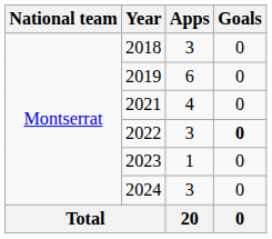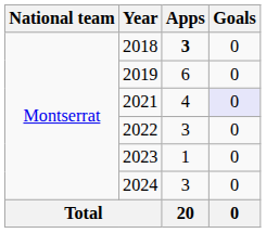 <table class="wikitable" style="text-align: center;">
 <tr>
 <th>National team</th>
 <th>Year</th>
 <th>Apps</th>
 <th>Goals</th>
 </tr>
 <tr>
 <td rowspan="6"><a href='#'>Montserrat</a></td>
 <td>2018</td>
-<td>3</td>
+<td><strong>3</strong></td>
 <td>0</td>
 </tr>
 <tr>
 <td>2019</td>
 <td>6</td>
 <td>0</td>
 </tr>
 <tr>
 <td>2021</td>
 <td>4</td>
-<td>0</td>
+<td style="background: lavender;">0</td>
 </tr>
 <tr>
 <td>2022</td>
 <td>3</td>
-<td><strong>0</strong></td>
+<td>0</td>
 </tr>
 <tr>
 <td>2023</td>
 <td>1</td>
 <td>0</td>
 </tr>
 <tr>
 <td>2024</td>
 <td>3</td>
 <td>0</td>
 </tr>
 <tr>
 <th colspan=2>Total</th>
 <th>20</th>
 <th>0</th>
 </tr>
 </table>
